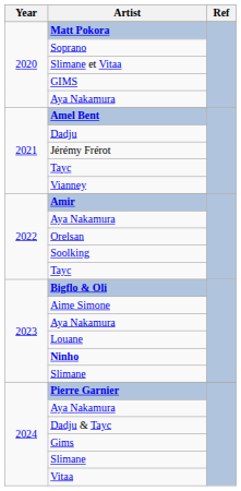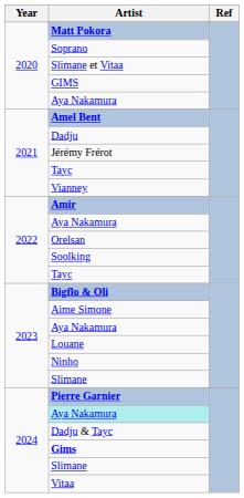 <table class="wikitable" style="width:55%;">
 <tr style="background:#bebebe;">
 <th style="width:10%;">Year</th>
 <th style="width:40%;">Artist</th>
 <th style="width:5%;">Ref</th>
 </tr>
 <tr>
 <td rowspan="6" align="center"><a href='#'>2020</a></td>
 </tr>
 <tr style="background:#B0C4DE">
 <td><strong><a href='#'>Matt Pokora</a></strong></td>
 <td rowspan="6" align="center"></td>
 </tr>
 <tr>
 <td><a href='#'>Soprano</a></td>
 </tr>
 <tr>
 <td><a href='#'>Slimane</a> et <a href='#'>Vitaa</a></td>
 </tr>
 <tr>
 <td><a href='#'>GIMS</a></td>
 </tr>
 <tr>
 <td><a href='#'>Aya Nakamura</a></td>
 </tr>
 <tr>
 <td rowspan="6" align="center"><a href='#'>2021</a></td>
 </tr>
 <tr style="background:#B0C4DE">
 <td><strong><a href='#'>Amel Bent</a></strong></td>
 <td rowspan="6" align="center"></td>
 </tr>
 <tr>
 <td><a href='#'>Dadju</a></td>
 </tr>
 <tr>
 <td>Jérémy Frérot</td>
 </tr>
 <tr>
 <td><a href='#'>Tayc</a></td>
 </tr>
 <tr>
 <td><a href='#'>Vianney</a></td>
 </tr>
 <tr>
 <td rowspan="6" align="center"><a href='#'>2022</a></td>
 </tr>
 <tr style="background:#B0C4DE">
 <td><strong><a href='#'>Amir</a></strong></td>
 <td rowspan="6" align="center"></td>
 </tr>
 <tr>
 <td><a href='#'>Aya Nakamura</a></td>
 </tr>
 <tr>
 <td><a href='#'>Orelsan</a></td>
 </tr>
 <tr>
 <td><a href='#'>Soolking</a></td>
 </tr>
 <tr>
 <td><a href='#'>Tayc</a></td>
 </tr>
 <tr>
 <td rowspan="7" align="center"><a href='#'>2023</a></td>
 </tr>
 <tr style="background:#B0C4DE">
 <td><strong><a href='#'>Bigflo & Oli</a></strong></td>
 <td rowspan="6" align="center"></td>
 </tr>
 <tr>
 <td><a href='#'>Aime Simone</a></td>
 </tr>
 <tr>
 <td><a href='#'>Aya Nakamura</a></td>
 </tr>
 <tr>
 <td><a href='#'>Louane</a></td>
 </tr>
 <tr>
-<td><strong><a href='#'>Ninho</a></strong></td>
+<td><a href='#'>Ninho</a></td>
 </tr>
 <tr>
 <td><a href='#'>Slimane</a></td>
 </tr>
 <tr>
 <td rowspan="7" align="center"><a href='#'>2024</a></td>
 </tr>
 <tr style="background:#B0C4DE">
 <td><strong><a href='#'>Pierre Garnier</a></strong></td>
 <td rowspan="6" align="center"></td>
 </tr>
 <tr>
-<td><a href='#'>Aya Nakamura</a></td>
+<td style="background: paleturquoise;"><a href='#'>Aya Nakamura</a></td>
 </tr>
 <tr>
 <td><a href='#'>Dadju</a> & <a href='#'>Tayc</a></td>
 </tr>
 <tr>
-<td><a href='#'>Gims</a></td>
+<td><strong><a href='#'>Gims</a></strong></td>
 </tr>
 <tr>
 <td><a href='#'>Slimane</a></td>
 </tr>
 <tr>
 <td><a href='#'>Vitaa</a></td>
 </tr>
 </table>
